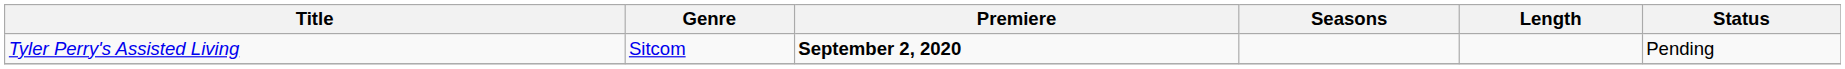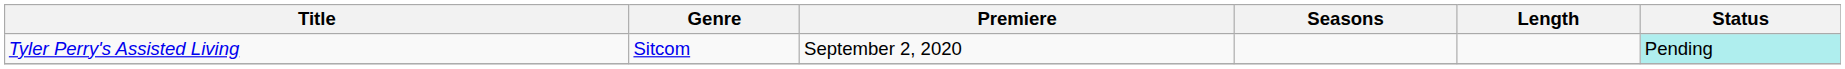 <table class="wikitable sortable" style="width:100%;">
 <tr>
 <th>Title</th>
 <th>Genre</th>
 <th>Premiere</th>
 <th>Seasons</th>
 <th>Length</th>
 <th>Status</th>
 </tr>
 <tr>
 <td><em><a href='#'>Tyler Perry's Assisted Living</a></em></td>
 <td><a href='#'>Sitcom</a></td>
-<td><strong>September 2, 2020</strong></td>
+<td>September 2, 2020</td>
 <td></td>
 <td></td>
-<td>Pending</td>
+<td style="background: paleturquoise;">Pending</td>
 </tr>
 <tr>
 </tr>
 </table>
